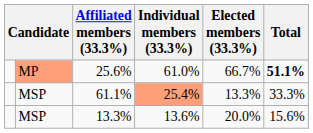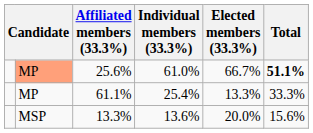 <table class="wikitable sortable" style="font-size: 95%;">
 <tr>
 <th colspan="2" scope="col">Candidate<br></th>
 <th scope="col"><a href='#'>Affiliated</a> <br> members<br> <strong>(33.3%)</strong></th>
 <th scope="col">Individual <br> members<br> <strong>(33.3%)</strong></th>
 <th scope="col">Elected <br>members<br> <strong>(33.3%)</strong></th>
 <th scope="col">Total</th>
 </tr>
 <tr align="right">
 <td style="background-color: "></td>
 <td scope="row" align="left" style="background: lightsalmon;"><strong></strong> MP</td>
 <td>25.6%</td>
 <td>61.0%</td>
 <td>66.7%</td>
 <td><strong>51.1%</strong></td>
 </tr>
 <tr align="right">
 <td style="background-color: "></td>
-<td scope="row" align="left"> MSP</td>
+<td scope="row" align="left"> MP</td>
 <td>61.1%</td>
-<td style="background: lightsalmon;">25.4%</td>
+<td>25.4%</td>
 <td>13.3%</td>
 <td>33.3%</td>
 </tr>
 <tr align="right">
 <td style="background-color: "></td>
 <td scope="row" align="left"> MSP</td>
 <td>13.3%</td>
 <td>13.6%</td>
 <td>20.0%</td>
 <td>15.6%</td>
 </tr>
 </table>
